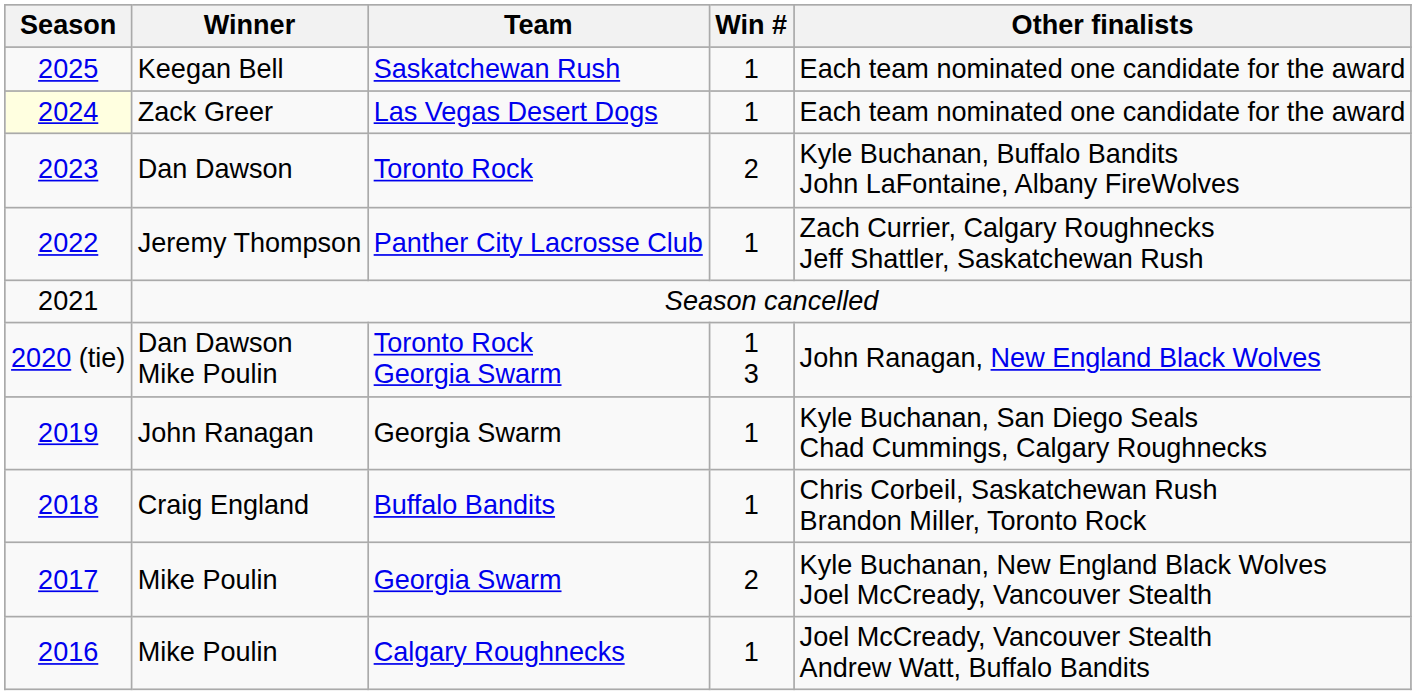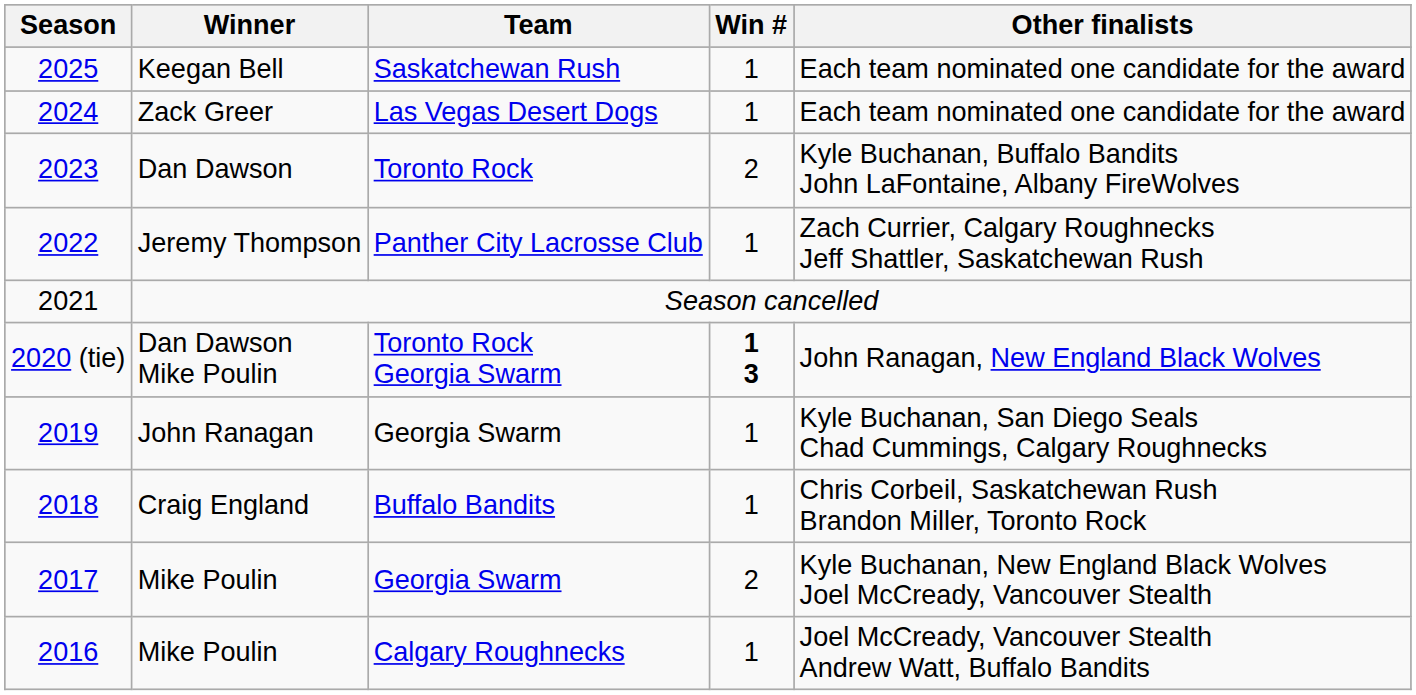 <table class="wikitable sortable">
 <tr>
 <th>Season</th>
 <th>Winner</th>
 <th>Team</th>
 <th>Win #</th>
 <th>Other finalists</th>
 </tr>
 <tr>
 <td align="center"><a href='#'>2025</a></td>
 <td>Keegan Bell</td>
 <td><a href='#'>Saskatchewan Rush</a></td>
 <td align="center">1</td>
 <td>Each team nominated one candidate for the award</td>
 </tr>
 <tr>
-<td align="center" style="background: lightyellow;"><a href='#'>2024</a></td>
+<td align="center"><a href='#'>2024</a></td>
 <td>Zack Greer</td>
 <td><a href='#'>Las Vegas Desert Dogs</a></td>
 <td align="center">1</td>
 <td>Each team nominated one candidate for the award </td>
 </tr>
 <tr>
 <td align="center"><a href='#'>2023</a></td>
 <td>Dan Dawson</td>
 <td><a href='#'>Toronto Rock</a></td>
 <td align="center">2</td>
 <td>Kyle Buchanan, Buffalo Bandits<br>John LaFontaine, Albany FireWolves</td>
 </tr>
 <tr>
 <td align="center"><a href='#'>2022</a></td>
 <td>Jeremy Thompson</td>
 <td><a href='#'>Panther City Lacrosse Club</a></td>
 <td align="center">1</td>
 <td>Zach Currier, Calgary Roughnecks<br>Jeff Shattler, Saskatchewan Rush</td>
 </tr>
 <tr>
 <td align="center">2021</td>
 <td align="center" colspan="4"><em>Season cancelled</em></td>
 </tr>
 <tr>
 <td align="center"><a href='#'>2020</a> (tie)</td>
 <td>Dan Dawson<br>Mike Poulin</td>
 <td><a href='#'>Toronto Rock</a><br><a href='#'>Georgia Swarm</a></td>
-<td align="center">1<br>3</td>
+<td align="center"><strong>1<br>3</strong></td>
 <td>John Ranagan, <a href='#'>New England Black Wolves</a></td>
 </tr>
 <tr>
 <td align="center"><a href='#'>2019</a></td>
 <td>John Ranagan</td>
 <td>Georgia Swarm</td>
 <td align="center">1</td>
 <td>Kyle Buchanan, San Diego Seals<br>Chad Cummings, Calgary Roughnecks</td>
 </tr>
 <tr>
 <td align="center"><a href='#'>2018</a></td>
 <td>Craig England</td>
 <td><a href='#'>Buffalo Bandits</a></td>
 <td align="center">1</td>
 <td>Chris Corbeil, Saskatchewan Rush<br>Brandon Miller, Toronto Rock</td>
 </tr>
 <tr>
 <td align="center"><a href='#'>2017</a></td>
 <td>Mike Poulin</td>
 <td><a href='#'>Georgia Swarm</a></td>
 <td align="center">2</td>
 <td>Kyle Buchanan, New England Black Wolves<br>Joel McCready, Vancouver Stealth</td>
 </tr>
 <tr>
 <td align="center"><a href='#'>2016</a></td>
 <td>Mike Poulin</td>
 <td><a href='#'>Calgary Roughnecks</a></td>
 <td align="center">1</td>
 <td>Joel McCready, Vancouver Stealth<br>Andrew Watt, Buffalo Bandits</td>
 </tr>
 </table>
